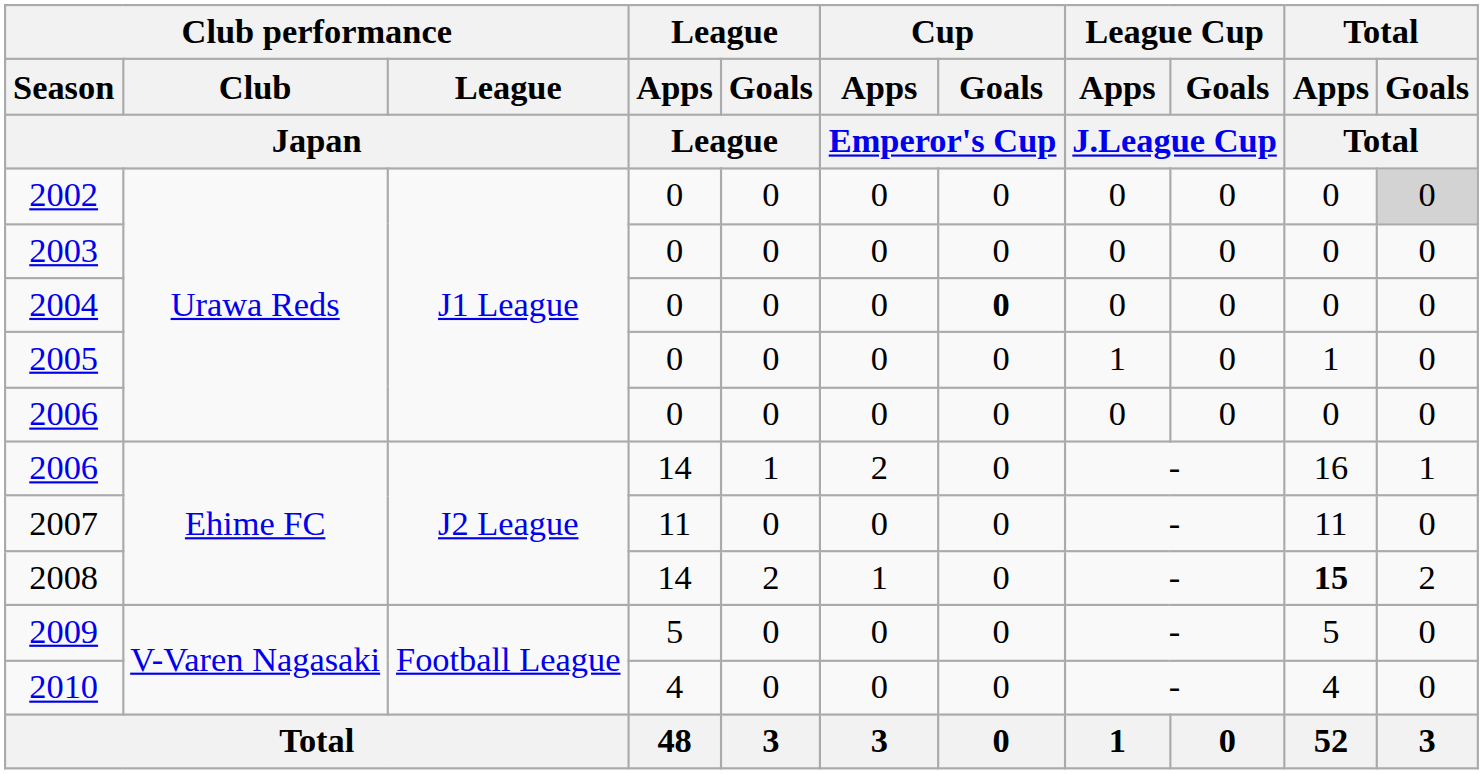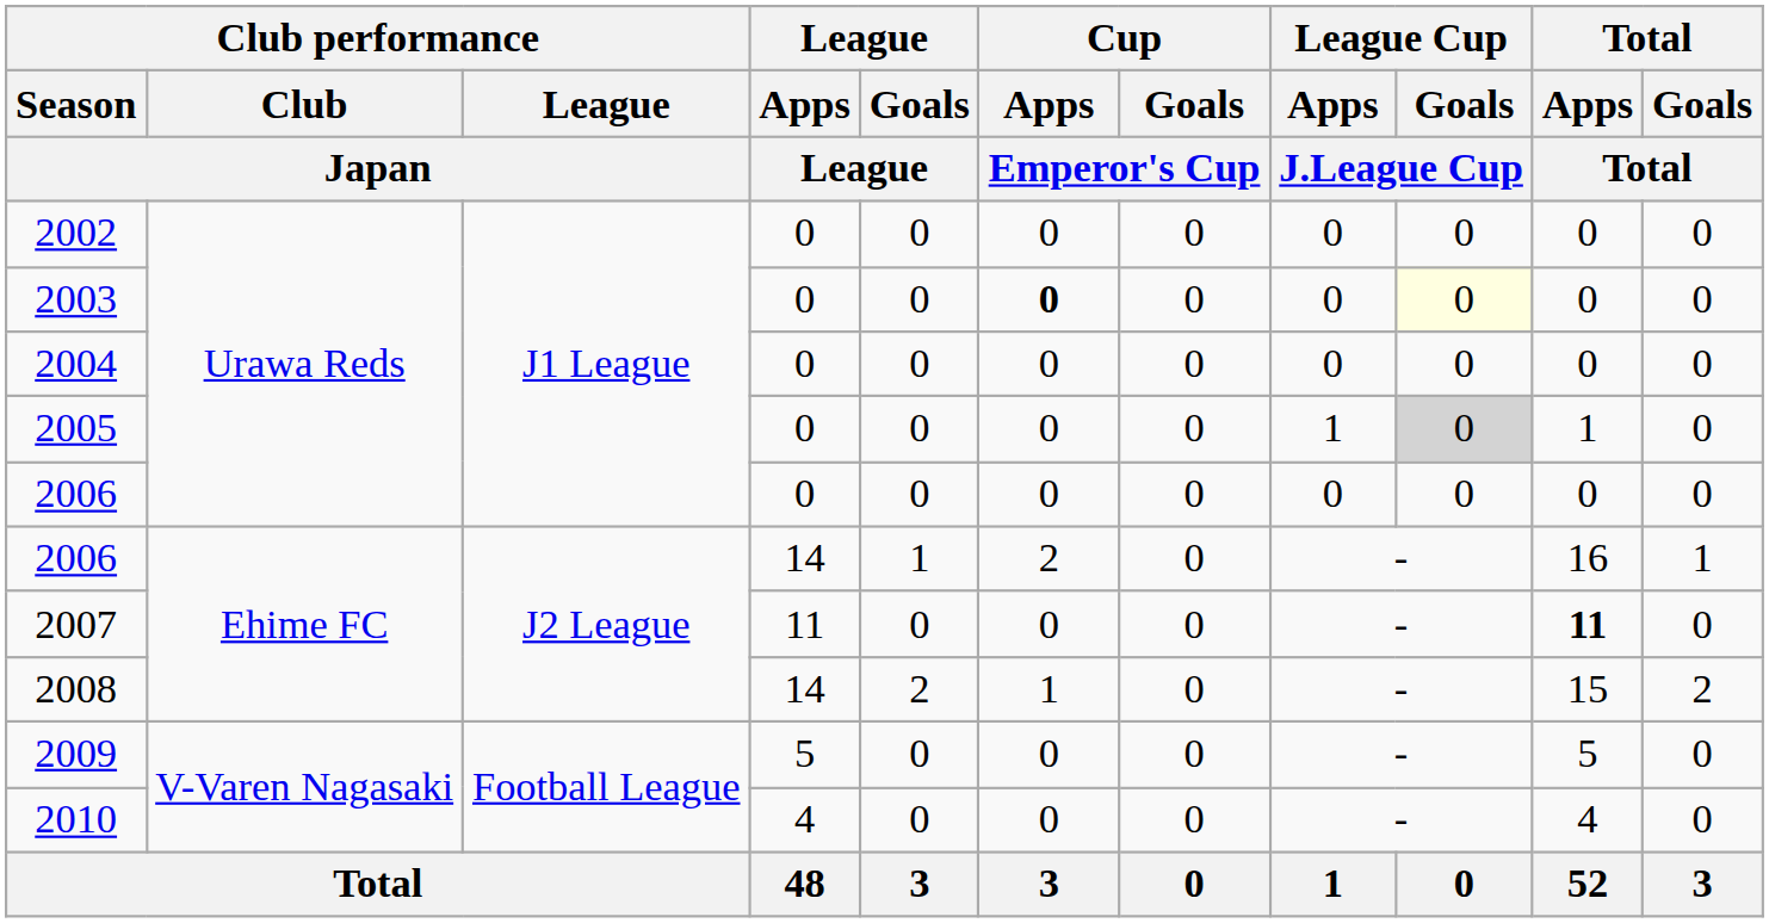 <table class="wikitable" style="text-align:center;">
 <tr>
 <th colspan=3>Club performance</th>
 <th colspan=2>League</th>
 <th colspan=2>Cup</th>
 <th colspan=2>League Cup</th>
 <th colspan=2>Total</th>
 </tr>
 <tr>
 <th>Season</th>
 <th>Club</th>
 <th>League</th>
 <th>Apps</th>
 <th>Goals</th>
 <th>Apps</th>
 <th>Goals</th>
 <th>Apps</th>
 <th>Goals</th>
 <th>Apps</th>
 <th>Goals</th>
 </tr>
 <tr>
 <th colspan=3>Japan</th>
 <th colspan=2>League</th>
 <th colspan=2><a href='#'>Emperor's Cup</a></th>
 <th colspan=2><a href='#'>J.League Cup</a></th>
 <th colspan=2>Total</th>
 </tr>
 <tr>
 <td><a href='#'>2002</a></td>
 <td rowspan="5"><a href='#'>Urawa Reds</a></td>
 <td rowspan="5"><a href='#'>J1 League</a></td>
 <td>0</td>
 <td>0</td>
 <td>0</td>
 <td>0</td>
 <td>0</td>
 <td>0</td>
 <td>0</td>
-<td style="background: lightgrey;">0</td>
+<td>0</td>
 </tr>
 <tr>
 <td><a href='#'>2003</a></td>
 <td>0</td>
 <td>0</td>
+<td><strong>0</strong></td>
 <td>0</td>
 <td>0</td>
-<td>0</td>
-<td>0</td>
+<td style="background: lightyellow;">0</td>
 <td>0</td>
 <td>0</td>
 </tr>
 <tr>
 <td><a href='#'>2004</a></td>
 <td>0</td>
 <td>0</td>
 <td>0</td>
-<td><strong>0</strong></td>
+<td>0</td>
 <td>0</td>
 <td>0</td>
 <td>0</td>
 <td>0</td>
 </tr>
 <tr>
 <td><a href='#'>2005</a></td>
 <td>0</td>
 <td>0</td>
 <td>0</td>
 <td>0</td>
 <td>1</td>
-<td>0</td>
+<td style="background: lightgrey;">0</td>
 <td>1</td>
 <td>0</td>
 </tr>
 <tr>
 <td><a href='#'>2006</a></td>
 <td>0</td>
 <td>0</td>
 <td>0</td>
 <td>0</td>
 <td>0</td>
 <td>0</td>
 <td>0</td>
 <td>0</td>
 </tr>
 <tr>
 <td><a href='#'>2006</a></td>
 <td rowspan="3"><a href='#'>Ehime FC</a></td>
 <td rowspan="3"><a href='#'>J2 League</a></td>
 <td>14</td>
 <td>1</td>
 <td>2</td>
 <td>0</td>
 <td colspan="2">-</td>
 <td>16</td>
 <td>1</td>
 </tr>
 <tr>
 <td>2007</td>
 <td>11</td>
 <td>0</td>
 <td>0</td>
 <td>0</td>
 <td colspan="2">-</td>
-<td>11</td>
+<td><strong>11</strong></td>
 <td>0</td>
 </tr>
 <tr>
 <td>2008</td>
 <td>14</td>
 <td>2</td>
 <td>1</td>
 <td>0</td>
 <td colspan="2">-</td>
-<td><strong>15</strong></td>
+<td>15</td>
 <td>2</td>
 </tr>
 <tr>
 <td><a href='#'>2009</a></td>
 <td rowspan="2"><a href='#'>V-Varen Nagasaki</a></td>
 <td rowspan="2"><a href='#'>Football League</a></td>
 <td>5</td>
 <td>0</td>
 <td>0</td>
 <td>0</td>
 <td colspan="2">-</td>
 <td>5</td>
 <td>0</td>
 </tr>
 <tr>
 <td><a href='#'>2010</a></td>
 <td>4</td>
 <td>0</td>
 <td>0</td>
 <td>0</td>
 <td colspan="2">-</td>
 <td>4</td>
 <td>0</td>
 </tr>
 <tr>
 <th colspan=3>Total</th>
 <th>48</th>
 <th>3</th>
 <th>3</th>
 <th>0</th>
 <th>1</th>
 <th>0</th>
 <th>52</th>
 <th>3</th>
 </tr>
 </table>
